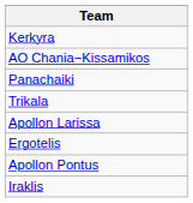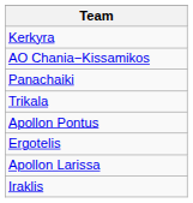 <table class="wikitable">
 <tr>
 </tr>
 <tr>
 <th width=210>Team</th>
 </tr>
 <tr>
 <td><a href='#'>Kerkyra</a></td>
 </tr>
 <tr>
 <td><a href='#'>AO Chania−Kissamikos</a></td>
 </tr>
 <tr>
 <td><a href='#'>Panachaiki</a></td>
 </tr>
 <tr>
 <td><a href='#'>Trikala</a></td>
 </tr>
 <tr>
-<td><a href='#'>Apollon Larissa</a></td>
+<td><a href='#'>Apollon Pontus</a></td>
 </tr>
 <tr>
 <td><a href='#'>Ergotelis</a></td>
 </tr>
 <tr>
-<td><a href='#'>Apollon Pontus</a></td>
+<td><a href='#'>Apollon Larissa</a></td>
 </tr>
 <tr>
 <td><a href='#'>Iraklis</a></td>
 </tr>
 </table>
